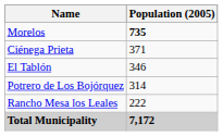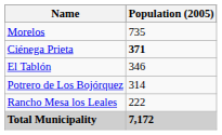 <table class="wikitable">
 <tr style="background:#000000; color:black;">
 <th><strong>Name</strong></th>
 <th><strong>Population (2005)</strong></th>
 </tr>
 <tr>
 <td><a href='#'>Morelos</a></td>
-<td><strong>735</strong></td>
+<td>735</td>
 </tr>
 <tr>
 <td><a href='#'>Ciénega Prieta</a></td>
-<td>371</td>
+<td><strong>371</strong></td>
 </tr>
 <tr>
 <td><a href='#'>El Tablón</a></td>
 <td>346</td>
 </tr>
 <tr>
 <td><a href='#'>Potrero de Los Bojórquez</a></td>
 <td>314</td>
 </tr>
 <tr>
 <td><a href='#'>Rancho Mesa los Leales</a></td>
 <td>222</td>
 </tr>
 <tr style="background:#CFCFCF;">
 <td><strong>Total Municipality</strong></td>
 <td><strong>7,172</strong></td>
 </tr>
 </table>
